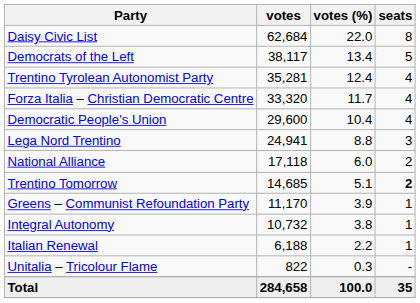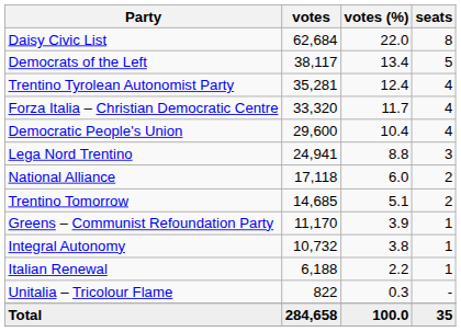 <table class="wikitable" style="font-size:95%">
 <tr bgcolor="EFEFEF">
 <th>Party</th>
 <th>votes</th>
 <th>votes (%)</th>
 <th>seats</th>
 </tr>
 <tr>
 <td><a href='#'>Daisy Civic List</a></td>
 <td align=right>62,684</td>
 <td align=right>22.0</td>
 <td align=right>8</td>
 </tr>
 <tr>
 <td><a href='#'>Democrats of the Left</a></td>
 <td align=right>38,117</td>
 <td align=right>13.4</td>
 <td align=right>5</td>
 </tr>
 <tr>
 <td><a href='#'>Trentino Tyrolean Autonomist Party</a></td>
 <td align=right>35,281</td>
 <td align=right>12.4</td>
 <td align=right>4</td>
 </tr>
 <tr>
 <td><a href='#'>Forza Italia</a> – <a href='#'>Christian Democratic Centre</a></td>
 <td align=right>33,320</td>
 <td align=right>11.7</td>
 <td align=right>4</td>
 </tr>
 <tr>
 <td><a href='#'>Democratic People's Union</a></td>
 <td align=right>29,600</td>
 <td align=right>10.4</td>
 <td align=right>4</td>
 </tr>
 <tr>
 <td><a href='#'>Lega Nord Trentino</a></td>
 <td align=right>24,941</td>
 <td align=right>8.8</td>
 <td align=right>3</td>
 </tr>
 <tr>
 <td><a href='#'>National Alliance</a></td>
 <td align=right>17,118</td>
 <td align=right>6.0</td>
 <td align=right>2</td>
 </tr>
 <tr>
 <td><a href='#'>Trentino Tomorrow</a></td>
 <td align=right>14,685</td>
 <td align=right>5.1</td>
-<td align=right><strong>2</strong></td>
+<td align=right>2</td>
 </tr>
 <tr>
 <td><a href='#'>Greens</a> – <a href='#'>Communist Refoundation Party</a></td>
 <td align=right>11,170</td>
 <td align=right>3.9</td>
 <td align=right>1</td>
 </tr>
 <tr>
 <td><a href='#'>Integral Autonomy</a></td>
 <td align=right>10,732</td>
 <td align=right>3.8</td>
 <td align=right>1</td>
 </tr>
 <tr>
 <td><a href='#'>Italian Renewal</a></td>
 <td align=right>6,188</td>
 <td align=right>2.2</td>
 <td align=right>1</td>
 </tr>
 <tr>
 <td><a href='#'>Unitalia</a> – <a href='#'>Tricolour Flame</a></td>
 <td align=right>822</td>
 <td align=right>0.3</td>
 <td align=right>-</td>
 </tr>
 <tr>
 </tr>
 <tr bgcolor="EFEFEF">
 <td><strong>Total</strong></td>
 <td align=right><strong>284,658</strong></td>
 <td align=right><strong>100.0</strong></td>
 <td align=right><strong>35</strong></td>
 </tr>
 <tr>
 </tr>
 </table>
